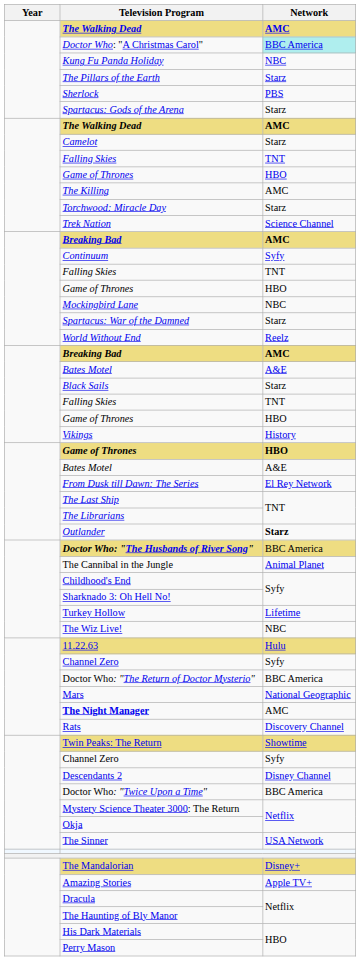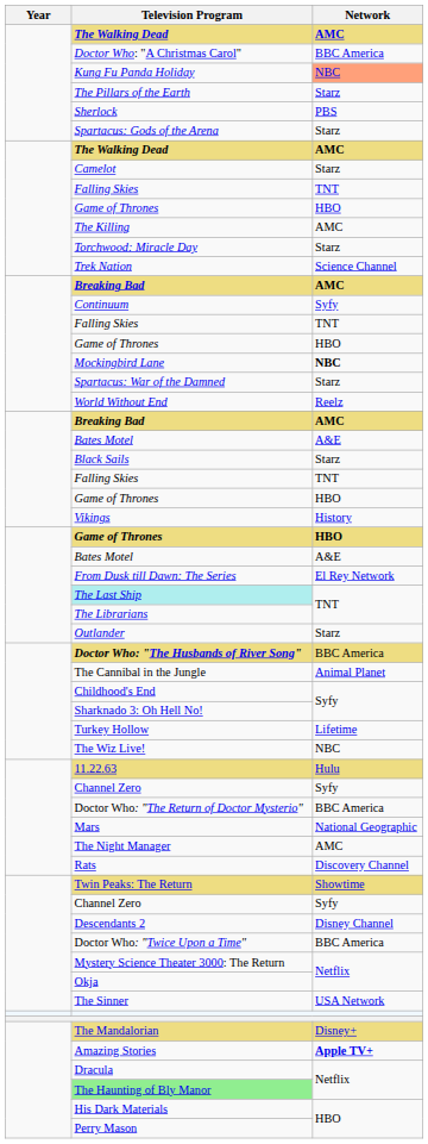 <table class="wikitable" width="550px" border="1" cellpadding="5" cellspacing="0" align="centre">
 <tr>
 <th width="80px">Year</th>
 <th>Television Program</th>
 <th>Network</th>
 </tr>
 <tr>
 <td rowspan="6"></td>
 <td style="background:#EEDD82"><strong><em><a href='#'>The Walking Dead</a></em></strong></td>
 <td style="background:#EEDD82"><strong><a href='#'>AMC</a></strong></td>
 </tr>
 <tr>
 <td><em><a href='#'>Doctor Who</a></em>: "<a href='#'>A Christmas Carol</a>"</td>
-<td style="background: paleturquoise;"><a href='#'>BBC America</a></td>
+<td><a href='#'>BBC America</a></td>
 </tr>
 <tr>
 <td><em><a href='#'>Kung Fu Panda Holiday</a></em></td>
-<td><a href='#'>NBC</a></td>
+<td style="background: lightsalmon;"><a href='#'>NBC</a></td>
 </tr>
 <tr>
 <td><em><a href='#'>The Pillars of the Earth</a></em></td>
 <td><a href='#'>Starz</a></td>
 </tr>
 <tr>
 <td><em><a href='#'>Sherlock</a></em></td>
 <td><a href='#'>PBS</a></td>
 </tr>
 <tr>
 <td><em><a href='#'>Spartacus: Gods of the Arena</a></em></td>
 <td>Starz</td>
 </tr>
 <tr>
 <td rowspan="7"></td>
 <td style="background:#EEDD82"><strong><em>The Walking Dead</em></strong></td>
 <td style="background:#EEDD82"><strong>AMC</strong></td>
 </tr>
 <tr>
 <td><em><a href='#'>Camelot</a></em></td>
 <td>Starz</td>
 </tr>
 <tr>
 <td><em><a href='#'>Falling Skies</a></em></td>
 <td><a href='#'>TNT</a></td>
 </tr>
 <tr>
 <td><em><a href='#'>Game of Thrones</a></em></td>
 <td><a href='#'>HBO</a></td>
 </tr>
 <tr>
 <td><em><a href='#'>The Killing</a></em></td>
 <td>AMC</td>
 </tr>
 <tr>
 <td><em><a href='#'>Torchwood: Miracle Day</a></em></td>
 <td>Starz</td>
 </tr>
 <tr>
 <td><em><a href='#'>Trek Nation</a></em></td>
 <td><a href='#'>Science Channel</a></td>
 </tr>
 <tr>
 <td rowspan="7"></td>
 <td style="background:#EEDD82"><strong><em><a href='#'>Breaking Bad</a></em></strong></td>
 <td style="background:#EEDD82"><strong>AMC</strong></td>
 </tr>
 <tr>
 <td><em><a href='#'>Continuum</a></em></td>
 <td><a href='#'>Syfy</a></td>
 </tr>
 <tr>
 <td><em>Falling Skies</em></td>
 <td>TNT</td>
 </tr>
 <tr>
 <td><em>Game of Thrones</em></td>
 <td>HBO</td>
 </tr>
 <tr>
 <td><em><a href='#'>Mockingbird Lane</a></em></td>
-<td>NBC</td>
+<td><strong>NBC</strong></td>
 </tr>
 <tr>
 <td><em><a href='#'>Spartacus: War of the Damned</a></em></td>
 <td>Starz</td>
 </tr>
 <tr>
 <td><em><a href='#'>World Without End</a></em></td>
 <td><a href='#'>Reelz</a></td>
 </tr>
 <tr>
 <td rowspan="6"></td>
 <td style="background:#EEDD82"><strong><em>Breaking Bad</em></strong></td>
 <td style="background:#EEDD82"><strong>AMC</strong></td>
 </tr>
 <tr>
 <td><em><a href='#'>Bates Motel</a></em></td>
 <td><a href='#'>A&E</a></td>
 </tr>
 <tr>
 <td><em><a href='#'>Black Sails</a></em></td>
 <td>Starz</td>
 </tr>
 <tr>
 <td><em>Falling Skies</em></td>
 <td>TNT</td>
 </tr>
 <tr>
 <td><em>Game of Thrones</em></td>
 <td>HBO</td>
 </tr>
 <tr>
 <td><em><a href='#'>Vikings</a></em></td>
 <td><a href='#'>History</a></td>
 </tr>
 <tr>
 <td rowspan="6"></td>
 <td style="background:#EEDD82"><strong><em>Game of Thrones</em></strong></td>
 <td style="background:#EEDD82"><strong>HBO</strong></td>
 </tr>
 <tr>
 <td><em>Bates Motel</em></td>
 <td>A&E</td>
 </tr>
 <tr>
 <td><em><a href='#'>From Dusk till Dawn: The Series</a></em></td>
 <td><a href='#'>El Rey Network</a></td>
 </tr>
 <tr>
-<td><em><a href='#'>The Last Ship</a></em></td>
+<td style="background: paleturquoise;"><em><a href='#'>The Last Ship</a></em></td>
 <td rowspan="2">TNT</td>
 </tr>
 <tr>
 <td><em><a href='#'>The Librarians</a></em></td>
 </tr>
 <tr>
 <td><em><a href='#'>Outlander</a></em></td>
-<td><strong>Starz</strong></td>
+<td>Starz</td>
 </tr>
 <tr>
 <td rowspan="6"></td>
 <td style="background:#EEDD82"><strong><em>Doctor Who<em>: "<a href='#'>The Husbands of River Song</a>"<strong></td>
 <td style="background:#EEDD82"></strong>BBC America<strong></td>
 </tr>
 <tr>
 <td></em>The Cannibal in the Jungle<em></td>
 <td><a href='#'>Animal Planet</a></td>
 </tr>
 <tr>
 <td></em><a href='#'>Childhood's End</a><em></td>
 <td rowspan="2">Syfy</td>
 </tr>
 <tr>
 <td></em><a href='#'>Sharknado 3: Oh Hell No!</a><em></td>
 </tr>
 <tr>
 <td></em><a href='#'>Turkey Hollow</a><em></td>
 <td><a href='#'>Lifetime</a></td>
 </tr>
 <tr>
 <td></em><a href='#'>The Wiz Live!</a><em></td>
 <td>NBC</td>
 </tr>
 <tr>
 <td rowspan="6"></td>
 <td style="background:#EEDD82"></em></strong><a href='#'>11.22.63</a><strong><em></td>
 <td style="background:#EEDD82"></strong><a href='#'>Hulu</a><strong></td>
 </tr>
 <tr>
 <td></em><a href='#'>Channel Zero</a><em></td>
 <td>Syfy</td>
 </tr>
 <tr>
 <td></em>Doctor Who<em>: "<a href='#'>The Return of Doctor Mysterio</a>"</td>
 <td>BBC America</td>
 </tr>
 <tr>
 <td></em><a href='#'>Mars</a><em></td>
 <td><a href='#'>National Geographic</a></td>
 </tr>
 <tr>
-<td><strong></em><a href='#'>The Night Manager</a><em></strong></td>
+<td></em><a href='#'>The Night Manager</a><em></td>
 <td>AMC</td>
 </tr>
 <tr>
 <td></em><a href='#'>Rats</a><em></td>
 <td><a href='#'>Discovery Channel</a></td>
 </tr>
 <tr>
 <td rowspan="7"></td>
 <td style="background:#EEDD82"></em></strong><a href='#'>Twin Peaks: The Return</a><strong><em></td>
 <td style="background:#EEDD82"></strong><a href='#'>Showtime</a><strong></td>
 </tr>
 <tr>
 <td></em>Channel Zero<em></td>
 <td>Syfy</td>
 </tr>
 <tr>
 <td></em><a href='#'>Descendants 2</a><em></td>
 <td><a href='#'>Disney Channel</a></td>
 </tr>
 <tr>
 <td></em>Doctor Who<em>: "<a href='#'>Twice Upon a Time</a>"</td>
 <td>BBC America</td>
 </tr>
 <tr>
 <td></em><a href='#'>Mystery Science Theater 3000</a>: The Return<em></td>
 <td rowspan="2"><a href='#'>Netflix</a></td>
 </tr>
 <tr>
 <td></em><a href='#'>Okja</a><em></td>
 </tr>
 <tr>
 <td></em><a href='#'>The Sinner</a><em></td>
 <td><a href='#'>USA Network</a></td>
 </tr>
 <tr>
 <td style="background:#F0F8FF"></td>
 <td colspan="2" style="background:#F0F8FF"></td>
 </tr>
 <tr>
 <th colspan="3"></th>
 </tr>
 <tr>
 <td rowspan="6"></td>
 <td style="background:#EEDD82"></em></strong><a href='#'>The Mandalorian</a><strong><em></td>
 <td style="background:#EEDD82"></strong><a href='#'>Disney+</a><strong></td>
 </tr>
 <tr>
 <td></em><a href='#'>Amazing Stories</a><em></td>
-<td><a href='#'>Apple TV+</a></td>
+<td><strong><a href='#'>Apple TV+</a></strong></td>
 </tr>
 <tr>
 <td></em><a href='#'>Dracula</a><em></td>
 <td rowspan="2">Netflix</td>
 </tr>
 <tr>
-<td></em><a href='#'>The Haunting of Bly Manor</a><em></td>
+<td style="background: lightgreen;"></em><a href='#'>The Haunting of Bly Manor</a><em></td>
 </tr>
 <tr>
 <td></em><a href='#'>His Dark Materials</a><em></td>
 <td rowspan="2">HBO</td>
 </tr>
 <tr>
 <td></em><a href='#'>Perry Mason</a><em></td>
 </tr>
 </table>
